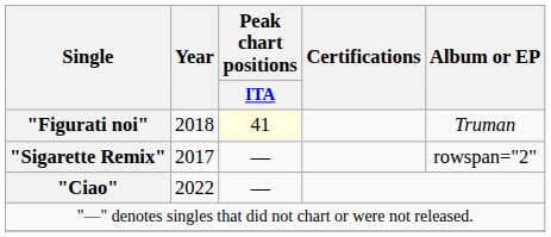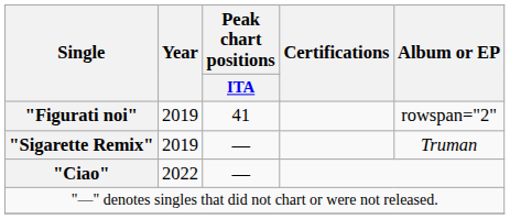 <table class="wikitable plainrowheaders" style="text-align:center;">
 <tr>
 <th scope="col" rowspan="2">Single</th>
 <th scope="col" rowspan="2">Year</th>
 <th scope="col" colspan="1">Peak chart positions</th>
 <th scope="col" rowspan="2">Certifications</th>
 <th scope="col" rowspan="2">Album or EP</th>
 </tr>
 <tr>
 <th scope="col" style="width:3em;font-size:90%;"><a href='#'>ITA</a><br></th>
 </tr>
 <tr>
 <th scope="row">"Figurati noi"<br></th>
-<td>2018</td>
-<td style="background: lightyellow;">41</td>
+<td>2019</td>
+<td>41</td>
 <td style="text-align:left;"></td>
-<td rowspan="1"><em>Truman</em></td>
+<td>rowspan="2"</td>
 </tr>
 <tr>
 <th scope="row">"Sigarette Remix"<br></th>
-<td>2017</td>
+<td>2019</td>
 <td>—</td>
 <td style="text-align:left;"></td>
-<td>rowspan="2"</td>
+<td rowspan="1"><em>Truman</em></td>
 </tr>
 <tr>
 <th scope="row">"Ciao"<br></th>
 <td>2022</td>
 <td>—</td>
 </tr>
 <tr>
 <td colspan="12" style="font-size:85%;">"—" denotes singles that did not chart or were not released.</td>
 </tr>
 <tr>
 </tr>
 </table>
